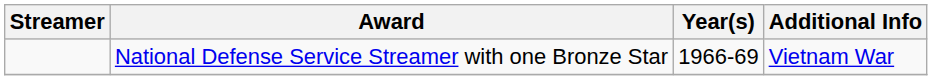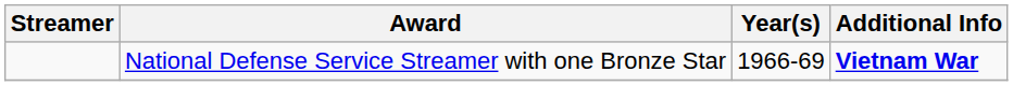 <table class=wikitable>
 <tr>
 <th>Streamer</th>
 <th>Award</th>
 <th>Year(s)</th>
 <th>Additional Info</th>
 </tr>
 <tr>
 <td></td>
 <td><a href='#'>National Defense Service Streamer</a> with one Bronze Star</td>
 <td>1966-69</td>
-<td><a href='#'>Vietnam War</a></td>
+<td><strong><a href='#'>Vietnam War</a></strong></td>
 </tr>
 <tr>
 </tr>
 </table>
